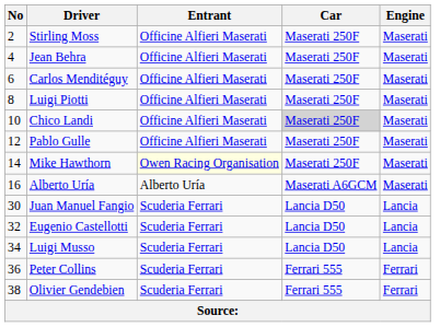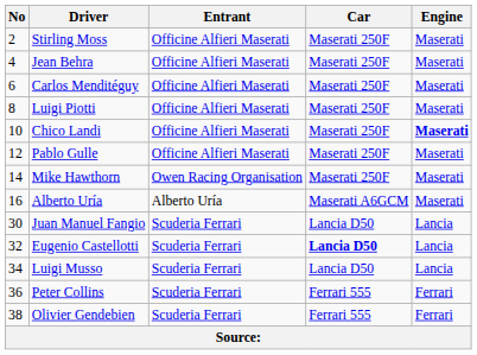 <table class="wikitable" style="font-size: 95%">
 <tr>
 <th>No</th>
 <th>Driver</th>
 <th>Entrant</th>
 <th>Car</th>
 <th>Engine</th>
 </tr>
 <tr>
 <td>2</td>
 <td> <a href='#'>Stirling Moss</a></td>
 <td><a href='#'>Officine Alfieri Maserati</a></td>
 <td><a href='#'>Maserati 250F</a></td>
 <td><a href='#'>Maserati</a></td>
 </tr>
 <tr>
 <td>4</td>
 <td> <a href='#'>Jean Behra</a></td>
 <td><a href='#'>Officine Alfieri Maserati</a></td>
 <td><a href='#'>Maserati 250F</a></td>
 <td><a href='#'>Maserati</a></td>
 </tr>
 <tr>
 <td>6</td>
 <td> <a href='#'>Carlos Menditéguy</a></td>
 <td><a href='#'>Officine Alfieri Maserati</a></td>
 <td><a href='#'>Maserati 250F</a></td>
 <td><a href='#'>Maserati</a></td>
 </tr>
 <tr>
 <td>8</td>
 <td> <a href='#'>Luigi Piotti</a></td>
 <td><a href='#'>Officine Alfieri Maserati</a></td>
 <td><a href='#'>Maserati 250F</a></td>
 <td><a href='#'>Maserati</a></td>
 </tr>
 <tr>
 <td>10</td>
 <td> <a href='#'>Chico Landi</a></td>
 <td><a href='#'>Officine Alfieri Maserati</a></td>
-<td style="background: lightgrey;"><a href='#'>Maserati 250F</a></td>
-<td><a href='#'>Maserati</a></td>
+<td><a href='#'>Maserati 250F</a></td>
+<td><strong><a href='#'>Maserati</a></strong></td>
 </tr>
 <tr>
 <td>12</td>
 <td> <a href='#'>Pablo Gulle</a></td>
 <td><a href='#'>Officine Alfieri Maserati</a></td>
 <td><a href='#'>Maserati 250F</a></td>
 <td><a href='#'>Maserati</a></td>
 </tr>
 <tr>
 <td>14</td>
 <td> <a href='#'>Mike Hawthorn</a></td>
-<td style="background: lightyellow;"><a href='#'>Owen Racing Organisation</a></td>
+<td><a href='#'>Owen Racing Organisation</a></td>
 <td><a href='#'>Maserati 250F</a></td>
 <td><a href='#'>Maserati</a></td>
 </tr>
 <tr>
 <td>16</td>
 <td> <a href='#'>Alberto Uría</a></td>
 <td>Alberto Uría</td>
 <td><a href='#'>Maserati A6GCM</a></td>
 <td><a href='#'>Maserati</a></td>
 </tr>
 <tr>
 <td>30</td>
 <td> <a href='#'>Juan Manuel Fangio</a></td>
 <td><a href='#'>Scuderia Ferrari</a></td>
 <td><a href='#'>Lancia D50</a></td>
 <td><a href='#'>Lancia</a></td>
 </tr>
 <tr>
 <td>32</td>
 <td> <a href='#'>Eugenio Castellotti</a></td>
 <td><a href='#'>Scuderia Ferrari</a></td>
-<td><a href='#'>Lancia D50</a></td>
+<td><strong><a href='#'>Lancia D50</a></strong></td>
 <td><a href='#'>Lancia</a></td>
 </tr>
 <tr>
 <td>34</td>
 <td> <a href='#'>Luigi Musso</a></td>
 <td><a href='#'>Scuderia Ferrari</a></td>
 <td><a href='#'>Lancia D50</a></td>
 <td><a href='#'>Lancia</a></td>
 </tr>
 <tr>
 <td>36</td>
 <td> <a href='#'>Peter Collins</a></td>
 <td><a href='#'>Scuderia Ferrari</a></td>
 <td><a href='#'>Ferrari 555</a></td>
 <td><a href='#'>Ferrari</a></td>
 </tr>
 <tr>
 <td>38</td>
 <td> <a href='#'>Olivier Gendebien</a></td>
 <td><a href='#'>Scuderia Ferrari</a></td>
 <td><a href='#'>Ferrari 555</a></td>
 <td><a href='#'>Ferrari</a></td>
 </tr>
 <tr>
 <th colspan=8>Source:</th>
 </tr>
 </table>
